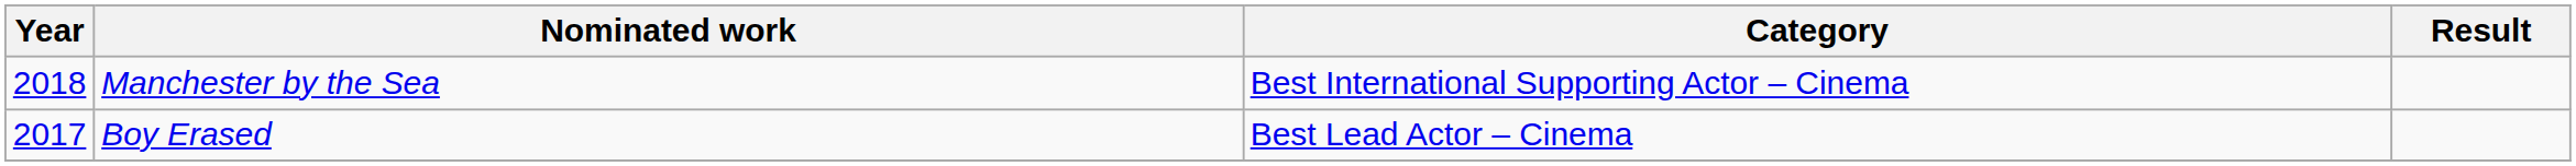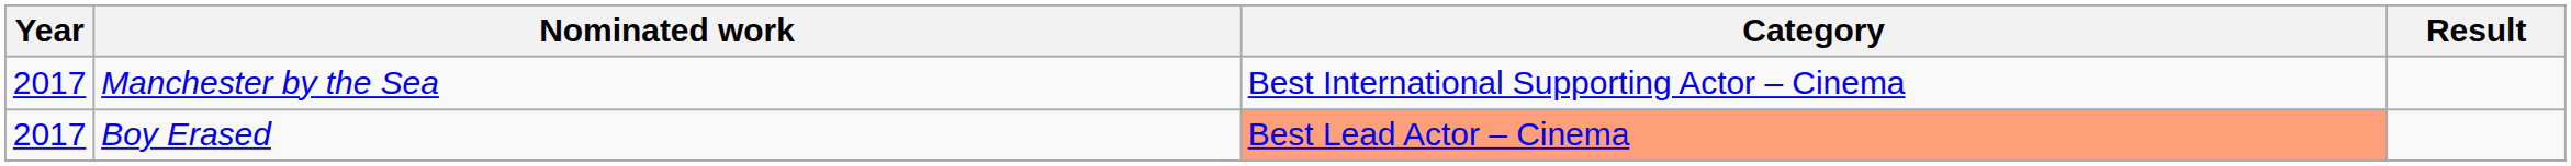 <table class="wikitable">
 <tr>
 <th scope="col" style="width:1em;">Year</th>
 <th scope="col" style="width:35em;">Nominated work</th>
 <th scope="col" style="width:35em;">Category</th>
 <th scope="col" style="width:5em;">Result</th>
 </tr>
 <tr>
-<td><a href='#'>2018</a></td>
+<td><a href='#'>2017</a></td>
 <td><em><a href='#'>Manchester by the Sea</a></em></td>
 <td><a href='#'>Best International Supporting Actor – Cinema</a></td>
 <td></td>
 </tr>
 <tr>
 <td><a href='#'>2017</a></td>
 <td><em><a href='#'>Boy Erased</a></em></td>
-<td><a href='#'>Best Lead Actor – Cinema</a></td>
+<td style="background: lightsalmon;"><a href='#'>Best Lead Actor – Cinema</a></td>
 <td></td>
 </tr>
 <tr>
 </tr>
 </table>
